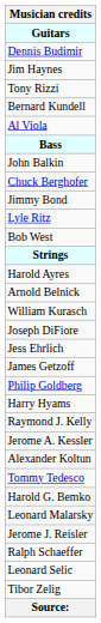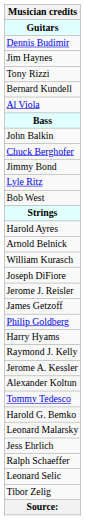 <table class="wikitable">
 <tr>
 <th>Musician credits</th>
 </tr>
 <tr>
 <th style="background-color: #E0FFFF">Guitars</th>
 </tr>
 <tr>
 <td><a href='#'>Dennis Budimir</a></td>
 </tr>
 <tr>
 <td>Jim Haynes</td>
 </tr>
 <tr>
 <td>Tony Rizzi</td>
 </tr>
 <tr>
 <td>Bernard Kundell</td>
 </tr>
 <tr>
 <td><a href='#'>Al Viola</a></td>
 </tr>
 <tr>
 <th style="background-color: #E0FFFF">Bass</th>
 </tr>
 <tr>
 <td>John Balkin</td>
 </tr>
 <tr>
 <td><a href='#'>Chuck Berghofer</a></td>
 </tr>
 <tr>
 <td>Jimmy Bond</td>
 </tr>
 <tr>
 <td><a href='#'>Lyle Ritz</a></td>
 </tr>
 <tr>
 <td>Bob West</td>
 </tr>
 <tr>
 <th style="background-color: #E0FFFF">Strings</th>
 </tr>
 <tr>
 <td>Harold Ayres</td>
 </tr>
 <tr>
 <td>Arnold Belnick</td>
 </tr>
 <tr>
 <td>William Kurasch</td>
 </tr>
 <tr>
 <td>Joseph DiFiore</td>
 </tr>
 <tr>
-<td>Jess Ehrlich</td>
+<td>Jerome J. Reisler</td>
 </tr>
 <tr>
 <td>James Getzoff</td>
 </tr>
 <tr>
 <td><a href='#'>Philip Goldberg</a></td>
 </tr>
 <tr>
 <td>Harry Hyams</td>
 </tr>
 <tr>
 <td>Raymond J. Kelly</td>
 </tr>
 <tr>
 <td>Jerome A. Kessler</td>
 </tr>
 <tr>
 <td>Alexander Koltun</td>
 </tr>
 <tr>
 <td><a href='#'>Tommy Tedesco</a></td>
 </tr>
 <tr>
 <td>Harold G. Bemko</td>
 </tr>
 <tr>
 <td>Leonard Malarsky</td>
 </tr>
 <tr>
-<td>Jerome J. Reisler</td>
+<td>Jess Ehrlich</td>
 </tr>
 <tr>
 <td>Ralph Schaeffer</td>
 </tr>
 <tr>
 <td>Leonard Selic</td>
 </tr>
 <tr>
 <td>Tibor Zelig</td>
 </tr>
 <tr>
 <th>Source:</th>
 </tr>
 </table>
